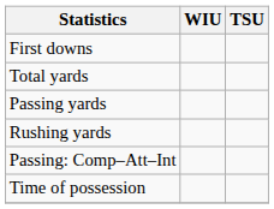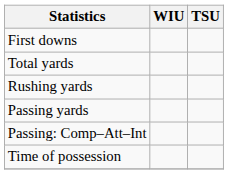 <table class="wikitable" style="float: left;">
 <tr>
 <th>Statistics</th>
 <th>WIU</th>
 <th>TSU</th>
 </tr>
 <tr>
 <td>First downs</td>
 <td></td>
 <td></td>
 </tr>
 <tr>
 <td>Total yards</td>
 <td></td>
 <td></td>
 </tr>
 <tr>
-<td>Passing yards</td>
+<td>Rushing yards</td>
 <td></td>
 <td></td>
 </tr>
 <tr>
-<td>Rushing yards</td>
+<td>Passing yards</td>
 <td></td>
 <td></td>
 </tr>
 <tr>
 <td>Passing: Comp–Att–Int</td>
 <td></td>
 <td></td>
 </tr>
 <tr>
 <td>Time of possession</td>
 <td></td>
 <td></td>
 </tr>
 <tr>
 </tr>
 </table>
